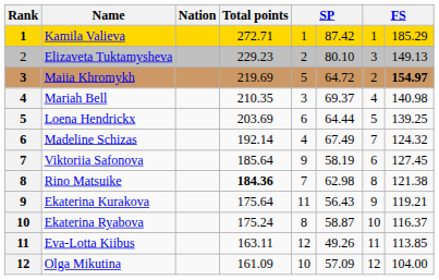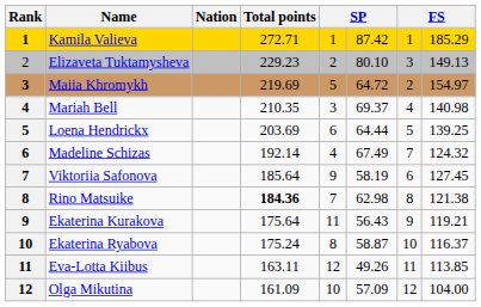 <table class="wikitable sortable">
 <tr>
 <th>Rank</th>
 <th>Name</th>
 <th>Nation</th>
 <th>Total points</th>
 <th colspan="2" width="80px"><a href='#'>SP</a></th>
 <th colspan="2" width="80px"><a href='#'>FS</a></th>
 </tr>
 <tr bgcolor="gold">
 <td align="center"><strong>1</strong></td>
 <td><a href='#'>Kamila Valieva</a></td>
 <td></td>
 <td align="center">272.71</td>
 <td align="center">1</td>
 <td align="center">87.42</td>
 <td align="center">1</td>
 <td align="center">185.29</td>
 </tr>
 <tr bgcolor="silver">
 <td align="center">2</td>
 <td><a href='#'>Elizaveta Tuktamysheva</a></td>
 <td></td>
 <td align="center">229.23</td>
 <td align="center">2</td>
 <td align="center">80.10</td>
 <td align="center">3</td>
 <td align="center">149.13</td>
 </tr>
 <tr bgcolor="cc9966">
 <td align="center"><strong>3</strong></td>
 <td><a href='#'>Maiia Khromykh</a></td>
 <td></td>
 <td align="center">219.69</td>
 <td align="center">5</td>
 <td align="center">64.72</td>
 <td align="center">2</td>
-<td align="center"><strong>154.97</strong></td>
+<td align="center">154.97</td>
 </tr>
 <tr>
 <th>4</th>
 <td><a href='#'>Mariah Bell</a></td>
 <td></td>
 <td align="center">210.35</td>
 <td align="center">3</td>
 <td align="center">69.37</td>
 <td align="center">4</td>
 <td align="center">140.98</td>
 </tr>
 <tr>
 <th>5</th>
 <td><a href='#'>Loena Hendrickx</a></td>
 <td></td>
 <td align="center">203.69</td>
 <td align="center">6</td>
 <td align="center">64.44</td>
 <td align="center">5</td>
 <td align="center">139.25</td>
 </tr>
 <tr>
 <th>6</th>
 <td><a href='#'>Madeline Schizas</a></td>
 <td></td>
 <td align="center">192.14</td>
 <td align="center">4</td>
 <td align="center">67.49</td>
 <td align="center">7</td>
 <td align="center">124.32</td>
 </tr>
 <tr>
 <th>7</th>
 <td><a href='#'>Viktoriia Safonova</a></td>
 <td></td>
 <td align="center">185.64</td>
 <td align="center">9</td>
 <td align="center">58.19</td>
 <td align="center">6</td>
 <td align="center">127.45</td>
 </tr>
 <tr>
 <th>8</th>
 <td><a href='#'>Rino Matsuike</a></td>
 <td></td>
 <td align="center"><strong>184.36</strong></td>
 <td align="center">7</td>
 <td align="center">62.98</td>
 <td align="center">8</td>
 <td align="center">121.38</td>
 </tr>
 <tr>
 <th>9</th>
 <td><a href='#'>Ekaterina Kurakova</a></td>
 <td></td>
 <td align="center">175.64</td>
 <td align="center">11</td>
 <td align="center">56.43</td>
 <td align="center">9</td>
 <td align="center">119.21</td>
 </tr>
 <tr>
 <th>10</th>
 <td><a href='#'>Ekaterina Ryabova</a></td>
 <td></td>
 <td align="center">175.24</td>
 <td align="center">8</td>
 <td align="center">58.87</td>
 <td align="center">10</td>
 <td align="center">116.37</td>
 </tr>
 <tr>
 <th>11</th>
 <td><a href='#'>Eva-Lotta Kiibus</a></td>
 <td></td>
 <td align="center">163.11</td>
 <td align="center">12</td>
 <td align="center">49.26</td>
 <td align="center">11</td>
 <td align="center">113.85</td>
 </tr>
 <tr>
 <th>12</th>
 <td><a href='#'>Olga Mikutina</a></td>
 <td></td>
 <td align="center">161.09</td>
 <td align="center">10</td>
 <td align="center">57.09</td>
 <td align="center">12</td>
 <td align="center">104.00</td>
 </tr>
 </table>
